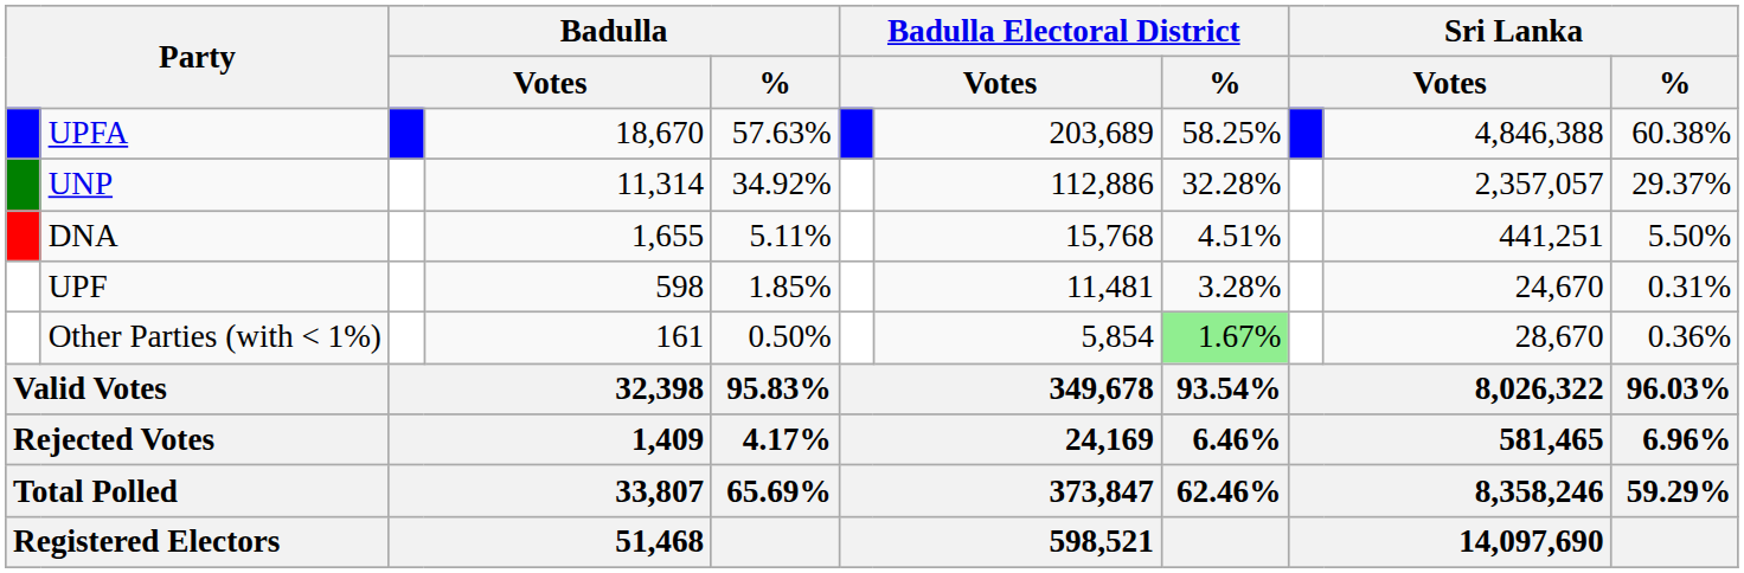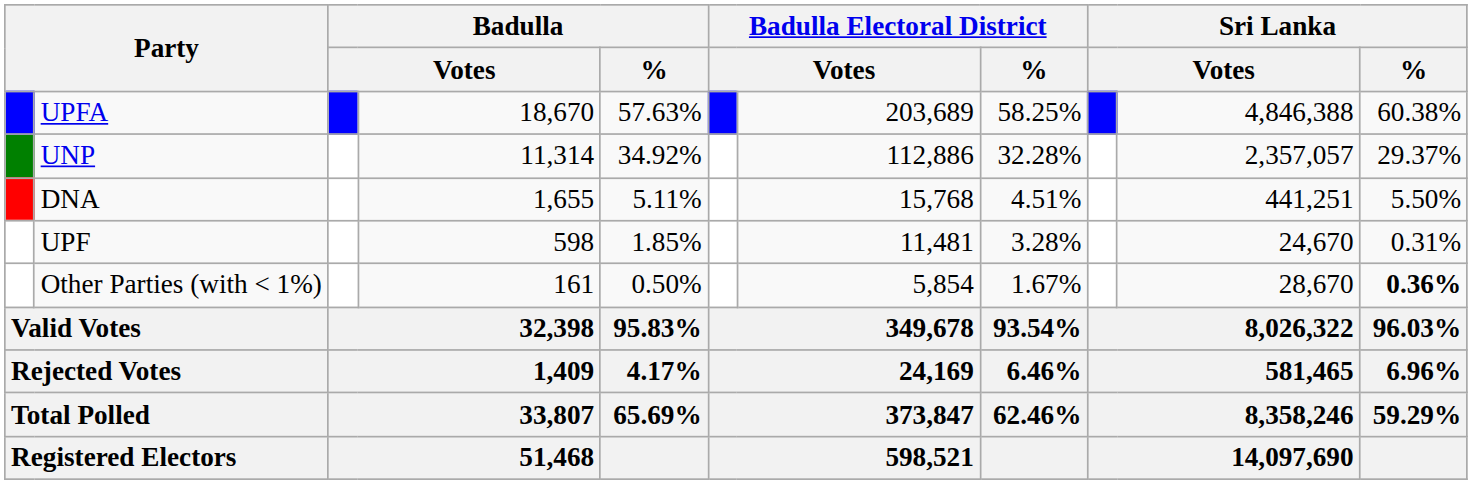 <table class="wikitable">
 <tr>
 <th colspan="2" width="144px"rowspan="2">Party</th>
 <th colspan="3" width="216px">Badulla</th>
 <th colspan="3" width="216px"><a href='#'>Badulla Electoral District</a></th>
 <th colspan="3" width="216px">Sri Lanka</th>
 </tr>
 <tr>
 <th colspan="2" width="144px">Votes</th>
 <th>%</th>
 <th colspan="2" width="144px">Votes</th>
 <th>%</th>
 <th colspan="2" width="144px">Votes</th>
 <th>%</th>
 </tr>
 <tr>
 <td style="background-color:blue;" width="10px"></td>
 <td style="text-align:left;"><a href='#'>UPFA</a></td>
 <td style="background-color:blue;" width="10px"></td>
 <td style="text-align:right;">18,670</td>
 <td style="text-align:right;">57.63%</td>
 <td style="background-color:blue;" width="10px"></td>
 <td style="text-align:right;">203,689</td>
 <td style="text-align:right;">58.25%</td>
 <td style="background-color:blue;" width="10px"></td>
 <td style="text-align:right;">4,846,388</td>
 <td style="text-align:right;">60.38%</td>
 </tr>
 <tr>
 <td style="background-color:green;" width="10px"></td>
 <td style="text-align:left;"><a href='#'>UNP</a></td>
 <td style="background-color:white;" width="10px"></td>
 <td style="text-align:right;">11,314</td>
 <td style="text-align:right;">34.92%</td>
 <td style="background-color:white;" width="10px"></td>
 <td style="text-align:right;">112,886</td>
 <td style="text-align:right;">32.28%</td>
 <td style="background-color:white;" width="10px"></td>
 <td style="text-align:right;">2,357,057</td>
 <td style="text-align:right;">29.37%</td>
 </tr>
 <tr>
 <td style="background-color:red;" width="10px"></td>
 <td style="text-align:left;">DNA</td>
 <td style="background-color:white;" width="10px"></td>
 <td style="text-align:right;">1,655</td>
 <td style="text-align:right;">5.11%</td>
 <td style="background-color:white;" width="10px"></td>
 <td style="text-align:right;">15,768</td>
 <td style="text-align:right;">4.51%</td>
 <td style="background-color:white;" width="10px"></td>
 <td style="text-align:right;">441,251</td>
 <td style="text-align:right;">5.50%</td>
 </tr>
 <tr>
 <td style="background-color:white;" width="10px"></td>
 <td style="text-align:left;">UPF</td>
 <td style="background-color:white;" width="10px"></td>
 <td style="text-align:right;">598</td>
 <td style="text-align:right;">1.85%</td>
 <td style="background-color:white;" width="10px"></td>
 <td style="text-align:right;">11,481</td>
 <td style="text-align:right;">3.28%</td>
 <td style="background-color:white;" width="10px"></td>
 <td style="text-align:right;">24,670</td>
 <td style="text-align:right;">0.31%</td>
 </tr>
 <tr>
 <td style="background-color:white;" width="10px"></td>
 <td style="text-align:left;">Other Parties (with < 1%)</td>
 <td style="background-color:white;" width="10px"></td>
 <td style="text-align:right;">161</td>
 <td style="text-align:right;">0.50%</td>
 <td style="background-color:white;" width="10px"></td>
 <td style="text-align:right;">5,854</td>
-<td style="background: lightgreen; text-align:right;">1.67%</td>
+<td style="text-align:right;">1.67%</td>
 <td style="background-color:white;" width="10px"></td>
 <td style="text-align:right;">28,670</td>
-<td style="text-align:right;">0.36%</td>
+<td style="text-align:right;"><strong>0.36%</strong></td>
 </tr>
 <tr>
 <th colspan="2" width="144px"style="text-align:left;">Valid Votes</th>
 <th style="text-align:right;"colspan="2" width="144px">32,398</th>
 <th style="text-align:right;">95.83%</th>
 <th style="text-align:right;"colspan="2" width="144px">349,678</th>
 <th style="text-align:right;">93.54%</th>
 <th style="text-align:right;"colspan="2" width="144px">8,026,322</th>
 <th style="text-align:right;">96.03%</th>
 </tr>
 <tr>
 <th colspan="2" width="144px"style="text-align:left;">Rejected Votes</th>
 <th style="text-align:right;"colspan="2" width="144px">1,409</th>
 <th style="text-align:right;">4.17%</th>
 <th style="text-align:right;"colspan="2" width="144px">24,169</th>
 <th style="text-align:right;">6.46%</th>
 <th style="text-align:right;"colspan="2" width="144px">581,465</th>
 <th style="text-align:right;">6.96%</th>
 </tr>
 <tr>
 <th colspan="2" width="144px"style="text-align:left;">Total Polled</th>
 <th style="text-align:right;"colspan="2" width="144px">33,807</th>
 <th style="text-align:right;">65.69%</th>
 <th style="text-align:right;"colspan="2" width="144px">373,847</th>
 <th style="text-align:right;">62.46%</th>
 <th style="text-align:right;"colspan="2" width="144px">8,358,246</th>
 <th style="text-align:right;">59.29%</th>
 </tr>
 <tr>
 <th colspan="2" width="144px"style="text-align:left;">Registered Electors</th>
 <th style="text-align:right;"colspan="2" width="144px">51,468</th>
 <th></th>
 <th style="text-align:right;"colspan="2" width="144px">598,521</th>
 <th></th>
 <th style="text-align:right;"colspan="2" width="144px">14,097,690</th>
 <th></th>
 </tr>
 </table>
